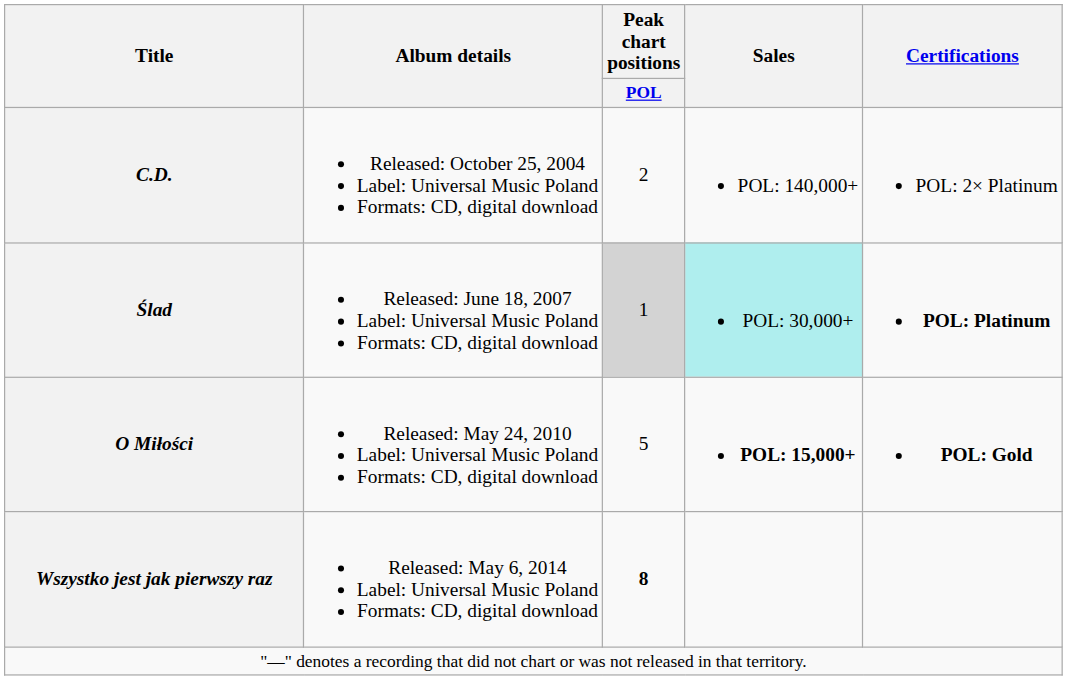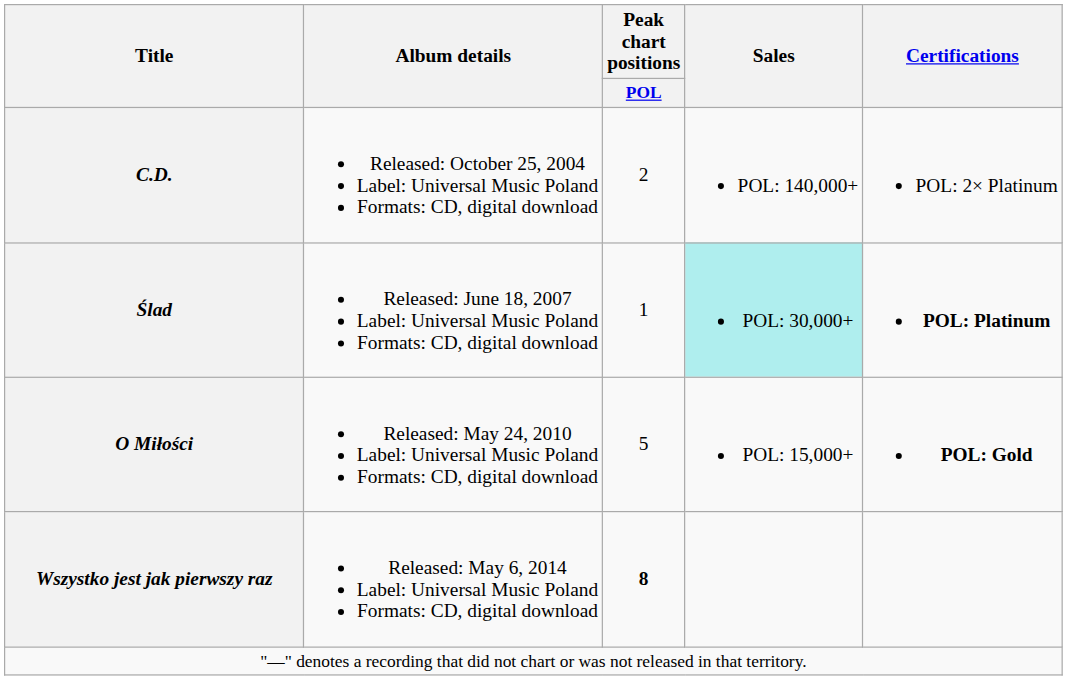 <table class="wikitable plainrowheaders" style="text-align:center;">
 <tr>
 <th scope="col" rowspan="2" style="width:15em;">Title</th>
 <th scope="col" rowspan="2">Album details</th>
 <th scope="col" colspan="1">Peak chart positions</th>
 <th scope="col" rowspan="2">Sales</th>
 <th scope="col" rowspan="2"><a href='#'>Certifications</a></th>
 </tr>
 <tr>
 <th scope="col" style="width:3em;font-size:90%;"><a href='#'>POL</a><br></th>
 </tr>
 <tr>
 <th scope="row"><em>C.D.</em></th>
 <td><br><ul><li>Released: October 25, 2004</li><li>Label: Universal Music Poland</li><li>Formats: CD, digital download</li></ul></td>
 <td>2</td>
 <td><br><ul><li>POL: 140,000+</li></ul></td>
 <td><br><ul><li>POL: 2× Platinum</li></ul></td>
 </tr>
 <tr>
 <th scope="row"><em>Ślad</em></th>
 <td><br><ul><li>Released: June 18, 2007</li><li>Label: Universal Music Poland</li><li>Formats: CD, digital download</li></ul></td>
-<td style="background: lightgrey;">1</td>
+<td>1</td>
 <td style="background: paleturquoise;"><br><ul><li>POL: 30,000+</li></ul></td>
 <td><strong><br><ul><li>POL: Platinum</li></ul></strong></td>
 </tr>
 <tr>
 <th scope="row"><em>O Miłości</em></th>
 <td><br><ul><li>Released: May 24, 2010</li><li>Label: Universal Music Poland</li><li>Formats: CD, digital download</li></ul></td>
 <td>5</td>
-<td><strong><br><ul><li>POL: 15,000+</li></ul></strong></td>
+<td><br><ul><li>POL: 15,000+</li></ul></td>
 <td><strong><br><ul><li>POL: Gold</li></ul></strong></td>
 </tr>
 <tr>
 <th scope="row"><em>Wszystko jest jak pierwszy raz</em></th>
 <td><br><ul><li>Released: May 6, 2014</li><li>Label: Universal Music Poland</li><li>Formats: CD, digital download</li></ul></td>
 <td><strong>8</strong></td>
 <td></td>
 <td></td>
 </tr>
 <tr>
 <td colspan="20" style="font-size:90%">"—" denotes a recording that did not chart or was not released in that territory.</td>
 </tr>
 </table>
